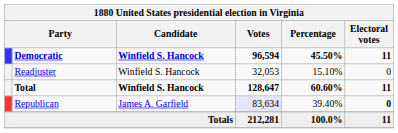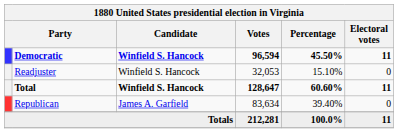 <table class="wikitable" style="font-size: 95%;">
 <tr>
 <th colspan="6">1880 United States presidential election in Virginia</th>
 </tr>
 <tr>
 <th colspan="2" style="width: 15em">Party</th>
 <th style="width: 17em">Candidate</th>
 <th style="width: 5em">Votes</th>
 <th style="width: 7em">Percentage</th>
 <th style="width: 5em">Electoral votes</th>
 </tr>
 <tr>
 <th style="background-color:#3333FF; width: 3px"></th>
 <td style="width: 130px"><strong><a href='#'>Democratic</a></strong></td>
 <td><strong><a href='#'>Winfield S. Hancock</a></strong></td>
 <td align="right"><strong>96,594</strong></td>
 <td align="right"><strong>45.50%</strong></td>
 <td align="right"><strong>11</strong></td>
 </tr>
 <tr>
 <th></th>
 <td><a href='#'>Readjuster</a></td>
 <td>Winfield S. Hancock</td>
 <td align="right">32,053</td>
 <td align="right">15.10%</td>
 <td align="right">0</td>
 </tr>
 <tr>
 <th></th>
 <td><strong>Total</strong></td>
 <td><strong>Winfield S. Hancock</strong></td>
 <td align="right"><strong>128,647</strong></td>
 <td align="right"><strong>60.60%</strong></td>
 <td align="right"><strong>11</strong></td>
 </tr>
 <tr>
 <th style="background-color:#FF3333; width: 3px"></th>
 <td style="width: 130px"><a href='#'>Republican</a></td>
 <td><a href='#'>James A. Garfield</a></td>
-<td align="right" style="background: lavender;">83,634</td>
+<td align="right">83,634</td>
 <td align="right">39.40%</td>
-<td align="right"><strong>0</strong></td>
+<td align="right">0</td>
 </tr>
 <tr>
 </tr>
 <tr bgcolor="#EEEEEE">
 <td colspan="3" align="right"><strong>Totals</strong></td>
 <td align="right"><strong>212,281</strong></td>
 <td align="right"><strong>100.0%</strong></td>
 <td align="right"><strong>11</strong></td>
 </tr>
 <tr>
 </tr>
 </table>
